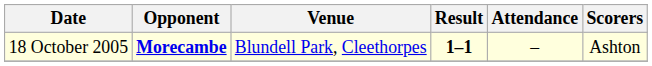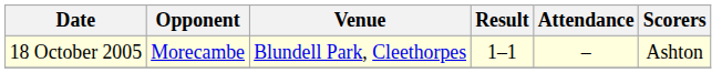 <table class="wikitable" style="text-align:center">
 <tr>
 <th>Date</th>
 <th>Opponent</th>
 <th>Venue</th>
 <th>Result</th>
 <th>Attendance</th>
 <th>Scorers</th>
 </tr>
 <tr bgcolor="#ffffdd">
 <td>18 October 2005</td>
-<td><strong><a href='#'>Morecambe</a></strong></td>
+<td><a href='#'>Morecambe</a></td>
 <td><a href='#'>Blundell Park</a>, <a href='#'>Cleethorpes</a></td>
-<td><strong>1–1</strong></td>
+<td>1–1</td>
 <td>–</td>
 <td>Ashton</td>
 </tr>
 <tr>
 </tr>
 </table>
